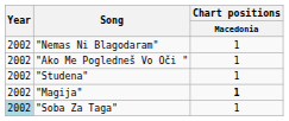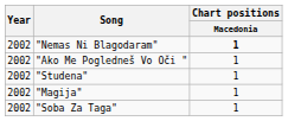 <table class="wikitable">
 <tr>
 <th rowspan="2">Year</th>
 <th rowspan="2">Song</th>
 <th colspan="3">Chart positions</th>
 </tr>
 <tr>
 <th><small>Macedonia</small></th>
 </tr>
 <tr>
 <td>2002</td>
 <td>"Nemas Ni Blagodaram"</td>
-<td style="text-align:center;">1</td>
+<td style="text-align:center;"><strong>1</strong></td>
 </tr>
 <tr>
 <td>2002</td>
 <td>"Ako Me Pogledneš Vo Oči "</td>
 <td style="text-align:center;">1</td>
 </tr>
 <tr>
 <td>2002</td>
 <td>"Studena"</td>
 <td style="text-align:center;">1</td>
 </tr>
 <tr>
 <td>2002</td>
 <td>"Magija"</td>
-<td style="text-align:center;"><strong>1</strong></td>
+<td style="text-align:center;">1</td>
 </tr>
 <tr>
-<td style="background: lightblue;">2002</td>
+<td>2002</td>
 <td>"Soba Za Taga"</td>
 <td style="text-align:center;">1</td>
 </tr>
 </table>
